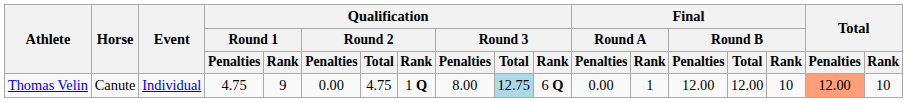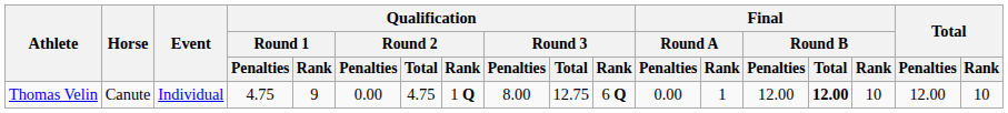 <table class="wikitable" style="font-size:90%">
 <tr>
 <th rowspan="3">Athlete</th>
 <th rowspan="3">Horse</th>
 <th rowspan="3">Event</th>
 <th colspan="8">Qualification</th>
 <th colspan="5">Final</th>
 <th rowspan=2 colspan="2">Total</th>
 </tr>
 <tr style="font-size:95%">
 <th colspan="2">Round 1</th>
 <th colspan="3">Round 2</th>
 <th colspan="3">Round 3</th>
 <th colspan="2">Round A</th>
 <th colspan="3">Round B</th>
 </tr>
 <tr style="font-size:95%">
 <th>Penalties</th>
 <th>Rank</th>
 <th>Penalties</th>
 <th>Total</th>
 <th>Rank</th>
 <th>Penalties</th>
 <th>Total</th>
 <th>Rank</th>
 <th>Penalties</th>
 <th>Rank</th>
 <th>Penalties</th>
 <th>Total</th>
 <th>Rank</th>
 <th>Penalties</th>
 <th>Rank</th>
 </tr>
 <tr align=center>
 <td align=left><a href='#'>Thomas Velin</a></td>
 <td align=left>Canute</td>
 <td align=left><a href='#'>Individual</a></td>
 <td>4.75</td>
 <td>9</td>
 <td>0.00</td>
 <td>4.75</td>
 <td>1 <strong>Q</strong></td>
 <td>8.00</td>
-<td style="background: lightblue;">12.75</td>
+<td>12.75</td>
 <td>6 <strong>Q</strong></td>
 <td>0.00</td>
 <td>1</td>
 <td>12.00</td>
+<td><strong>12.00</strong></td>
+<td>10</td>
 <td>12.00</td>
-<td>10</td>
-<td style="background: lightsalmon;">12.00</td>
 <td>10</td>
 </tr>
 </table>
